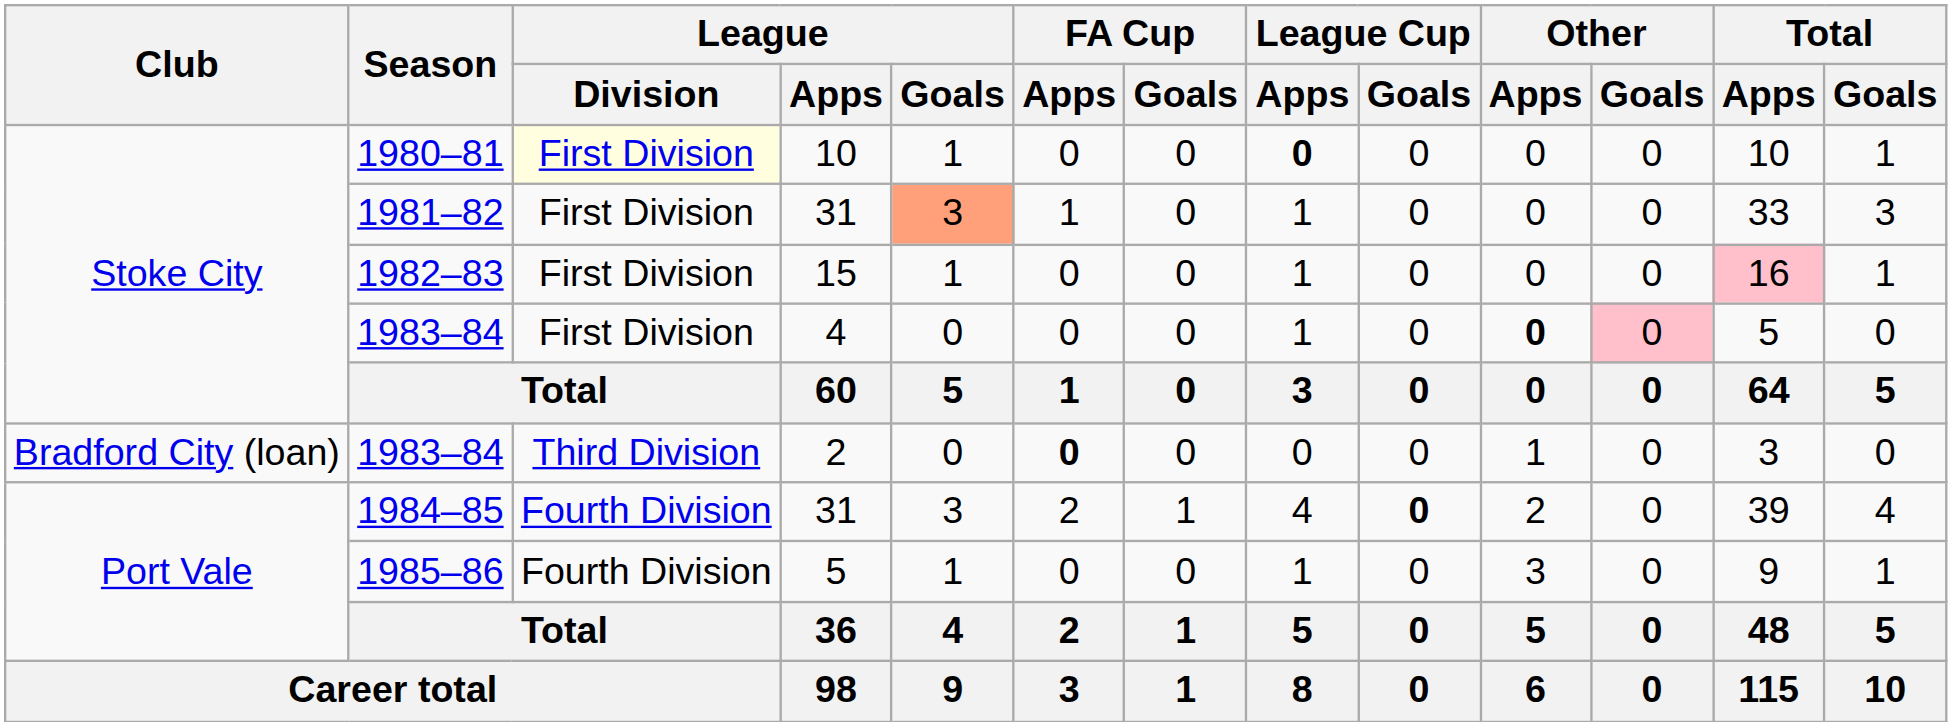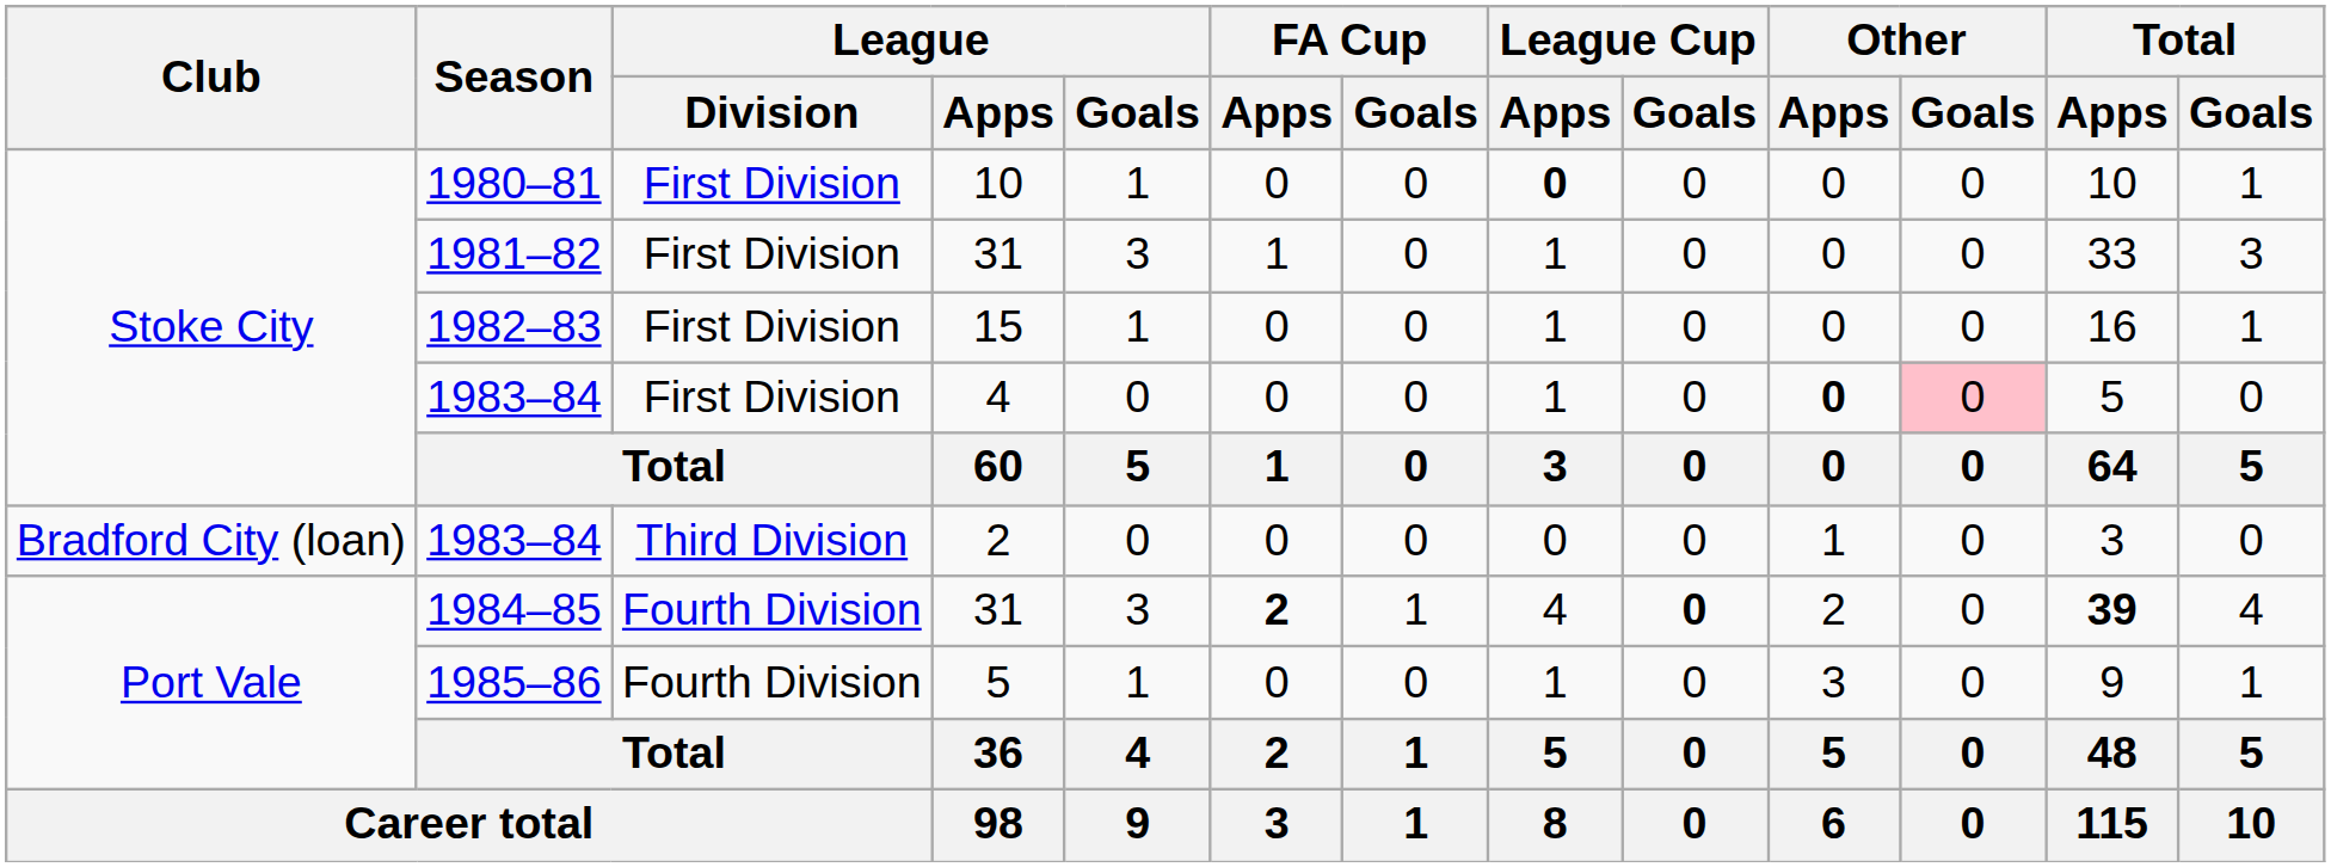 <table class="wikitable" style="text-align: center;">
 <tr>
 <th rowspan="2">Club</th>
 <th rowspan="2">Season</th>
 <th colspan="3">League</th>
 <th colspan="2">FA Cup</th>
 <th colspan="2">League Cup</th>
 <th colspan="2">Other</th>
 <th colspan="2">Total</th>
 </tr>
 <tr>
 <th>Division</th>
 <th>Apps</th>
 <th>Goals</th>
 <th>Apps</th>
 <th>Goals</th>
 <th>Apps</th>
 <th>Goals</th>
 <th>Apps</th>
 <th>Goals</th>
 <th>Apps</th>
 <th>Goals</th>
 </tr>
 <tr>
 <td rowspan="5"><a href='#'>Stoke City</a></td>
 <td><a href='#'>1980–81</a></td>
-<td style="background: lightyellow;"><a href='#'>First Division</a></td>
+<td><a href='#'>First Division</a></td>
 <td>10</td>
 <td>1</td>
 <td>0</td>
 <td>0</td>
 <td><strong>0</strong></td>
 <td>0</td>
 <td>0</td>
 <td>0</td>
 <td>10</td>
 <td>1</td>
 </tr>
 <tr>
 <td><a href='#'>1981–82</a></td>
 <td>First Division</td>
 <td>31</td>
-<td style="background: lightsalmon;">3</td>
+<td>3</td>
 <td>1</td>
 <td>0</td>
 <td>1</td>
 <td>0</td>
 <td>0</td>
 <td>0</td>
 <td>33</td>
 <td>3</td>
 </tr>
 <tr>
 <td><a href='#'>1982–83</a></td>
 <td>First Division</td>
 <td>15</td>
 <td>1</td>
 <td>0</td>
 <td>0</td>
 <td>1</td>
 <td>0</td>
 <td>0</td>
 <td>0</td>
-<td style="background: pink;">16</td>
+<td>16</td>
 <td>1</td>
 </tr>
 <tr>
 <td><a href='#'>1983–84</a></td>
 <td>First Division</td>
 <td>4</td>
 <td>0</td>
 <td>0</td>
 <td>0</td>
 <td>1</td>
 <td>0</td>
 <td><strong>0</strong></td>
 <td style="background: pink;">0</td>
 <td>5</td>
 <td>0</td>
 </tr>
 <tr>
 <th colspan="2">Total</th>
 <th>60</th>
 <th>5</th>
 <th>1</th>
 <th>0</th>
 <th>3</th>
 <th>0</th>
 <th>0</th>
 <th>0</th>
 <th>64</th>
 <th>5</th>
 </tr>
 <tr>
 <td><a href='#'>Bradford City</a> (loan)</td>
 <td><a href='#'>1983–84</a></td>
 <td><a href='#'>Third Division</a></td>
 <td>2</td>
 <td>0</td>
-<td><strong>0</strong></td>
+<td>0</td>
 <td>0</td>
 <td>0</td>
 <td>0</td>
 <td>1</td>
 <td>0</td>
 <td>3</td>
 <td>0</td>
 </tr>
 <tr>
 <td rowspan="3"><a href='#'>Port Vale</a></td>
 <td><a href='#'>1984–85</a></td>
 <td><a href='#'>Fourth Division</a></td>
 <td>31</td>
 <td>3</td>
-<td>2</td>
+<td><strong>2</strong></td>
 <td>1</td>
 <td>4</td>
 <td><strong>0</strong></td>
 <td>2</td>
 <td>0</td>
-<td>39</td>
+<td><strong>39</strong></td>
 <td>4</td>
 </tr>
 <tr>
 <td><a href='#'>1985–86</a></td>
 <td>Fourth Division</td>
 <td>5</td>
 <td>1</td>
 <td>0</td>
 <td>0</td>
 <td>1</td>
 <td>0</td>
 <td>3</td>
 <td>0</td>
 <td>9</td>
 <td>1</td>
 </tr>
 <tr>
 <th colspan="2">Total</th>
 <th>36</th>
 <th>4</th>
 <th>2</th>
 <th>1</th>
 <th>5</th>
 <th>0</th>
 <th>5</th>
 <th>0</th>
 <th>48</th>
 <th>5</th>
 </tr>
 <tr>
 <th colspan="3">Career total</th>
 <th>98</th>
 <th>9</th>
 <th>3</th>
 <th>1</th>
 <th>8</th>
 <th>0</th>
 <th>6</th>
 <th>0</th>
 <th>115</th>
 <th>10</th>
 </tr>
 </table>
